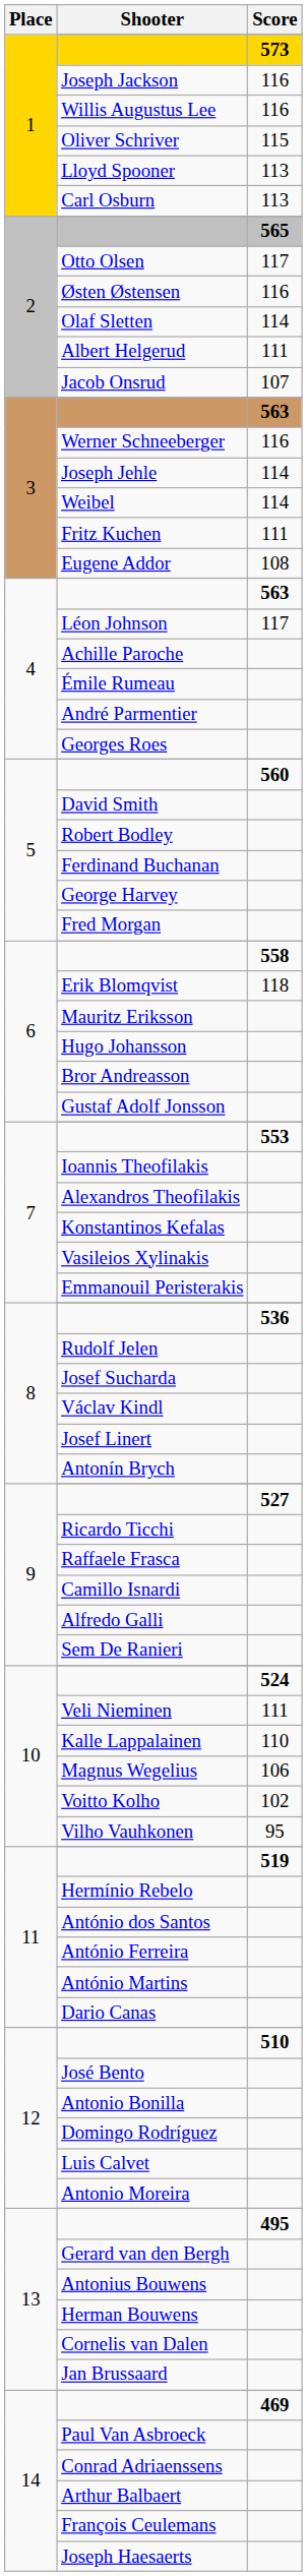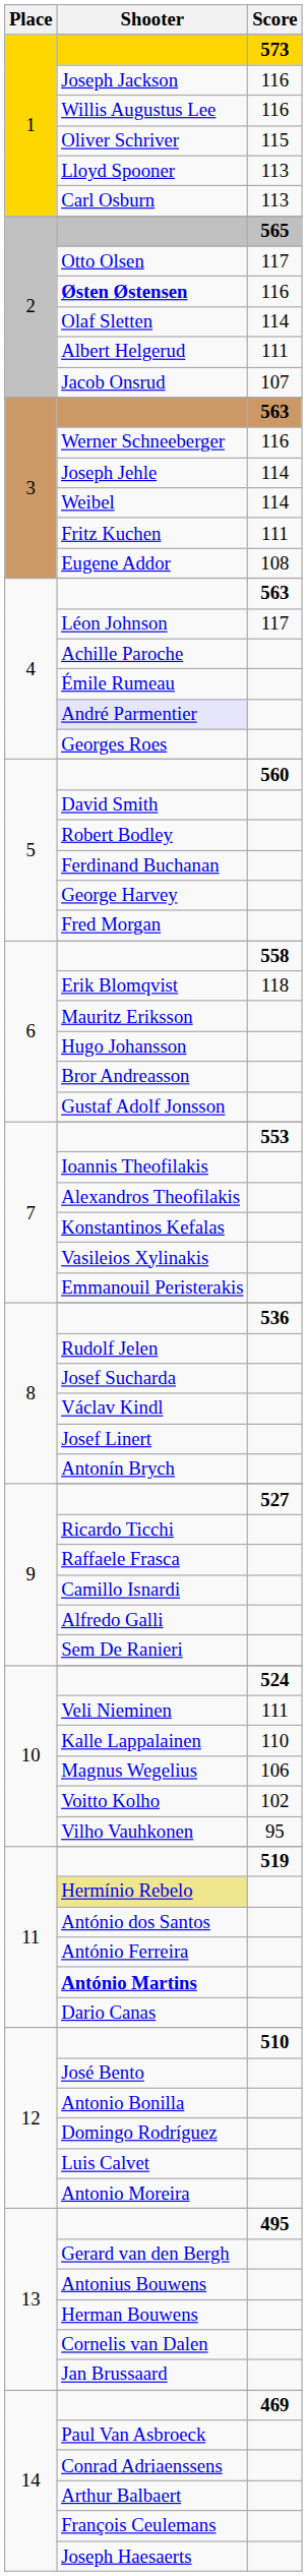 <table class=wikitable style="text-align:center">
 <tr>
 <th>Place</th>
 <th>Shooter</th>
 <th>Score</th>
 </tr>
 <tr>
 <td rowspan=7 align=center bgcolor=gold>1</td>
 </tr>
 <tr>
 <td align=left bgcolor=gold></td>
 <td bgcolor=gold><strong>573</strong></td>
 </tr>
 <tr>
 <td align=left><a href='#'>Joseph Jackson</a></td>
 <td>116</td>
 </tr>
 <tr>
 <td align=left><a href='#'>Willis Augustus Lee</a></td>
 <td>116</td>
 </tr>
 <tr>
 <td align=left><a href='#'>Oliver Schriver</a></td>
 <td>115</td>
 </tr>
 <tr>
 <td align=left><a href='#'>Lloyd Spooner</a></td>
 <td>113</td>
 </tr>
 <tr>
 <td align=left><a href='#'>Carl Osburn</a></td>
 <td>113</td>
 </tr>
 <tr>
 <td rowspan=7 align=center bgcolor=silver>2</td>
 </tr>
 <tr>
 <td align=left bgcolor=silver></td>
 <td bgcolor=silver><strong>565</strong></td>
 </tr>
 <tr>
 <td align=left><a href='#'>Otto Olsen</a></td>
 <td>117</td>
 </tr>
 <tr>
-<td align=left><a href='#'>Østen Østensen</a></td>
+<td align=left><strong><a href='#'>Østen Østensen</a></strong></td>
 <td>116</td>
 </tr>
 <tr>
 <td align=left><a href='#'>Olaf Sletten</a></td>
 <td>114</td>
 </tr>
 <tr>
 <td align=left><a href='#'>Albert Helgerud</a></td>
 <td>111</td>
 </tr>
 <tr>
 <td align=left><a href='#'>Jacob Onsrud</a></td>
 <td>107</td>
 </tr>
 <tr>
 <td rowspan=7 align=center bgcolor=cc9966>3</td>
 </tr>
 <tr>
 <td align=left bgcolor=cc9966></td>
 <td bgcolor=cc9966><strong>563</strong></td>
 </tr>
 <tr>
 <td align=left><a href='#'>Werner Schneeberger</a></td>
 <td>116</td>
 </tr>
 <tr>
 <td align=left><a href='#'>Joseph Jehle</a></td>
 <td>114</td>
 </tr>
 <tr>
 <td align=left><a href='#'>Weibel</a></td>
 <td>114</td>
 </tr>
 <tr>
 <td align=left><a href='#'>Fritz Kuchen</a></td>
 <td>111</td>
 </tr>
 <tr>
 <td align=left><a href='#'>Eugene Addor</a></td>
 <td>108</td>
 </tr>
 <tr>
 <td rowspan=7>4</td>
 </tr>
 <tr>
 <td align=left></td>
 <td><strong>563</strong></td>
 </tr>
 <tr>
 <td align=left><a href='#'>Léon Johnson</a></td>
 <td>117</td>
 </tr>
 <tr>
 <td align=left><a href='#'>Achille Paroche</a></td>
 <td></td>
 </tr>
 <tr>
 <td align=left><a href='#'>Émile Rumeau</a></td>
 <td></td>
 </tr>
 <tr>
-<td align=left><a href='#'>André Parmentier</a></td>
+<td align=left style="background: lavender;"><a href='#'>André Parmentier</a></td>
 <td></td>
 </tr>
 <tr>
 <td align=left><a href='#'>Georges Roes</a></td>
 <td></td>
 </tr>
 <tr>
 <td rowspan=7>5</td>
 </tr>
 <tr>
 <td align=left></td>
 <td><strong>560</strong></td>
 </tr>
 <tr>
 <td align=left><a href='#'>David Smith</a></td>
 <td></td>
 </tr>
 <tr>
 <td align=left><a href='#'>Robert Bodley</a></td>
 <td></td>
 </tr>
 <tr>
 <td align=left><a href='#'>Ferdinand Buchanan</a></td>
 <td></td>
 </tr>
 <tr>
 <td align=left><a href='#'>George Harvey</a></td>
 <td></td>
 </tr>
 <tr>
 <td align=left><a href='#'>Fred Morgan</a></td>
 <td></td>
 </tr>
 <tr>
 <td rowspan=7>6</td>
 </tr>
 <tr>
 <td align=left></td>
 <td><strong>558</strong></td>
 </tr>
 <tr>
 <td align=left><a href='#'>Erik Blomqvist</a></td>
 <td>118</td>
 </tr>
 <tr>
 <td align=left><a href='#'>Mauritz Eriksson</a></td>
 <td></td>
 </tr>
 <tr>
 <td align=left><a href='#'>Hugo Johansson</a></td>
 <td></td>
 </tr>
 <tr>
 <td align=left><a href='#'>Bror Andreasson</a></td>
 <td></td>
 </tr>
 <tr>
 <td align=left><a href='#'>Gustaf Adolf Jonsson</a></td>
 <td></td>
 </tr>
 <tr>
 <td rowspan=7>7</td>
 </tr>
 <tr>
 <td align=left></td>
 <td><strong>553</strong></td>
 </tr>
 <tr>
 <td align=left><a href='#'>Ioannis Theofilakis</a></td>
 <td></td>
 </tr>
 <tr>
 <td align=left><a href='#'>Alexandros Theofilakis</a></td>
 <td></td>
 </tr>
 <tr>
 <td align=left><a href='#'>Konstantinos Kefalas</a></td>
 <td></td>
 </tr>
 <tr>
 <td align=left><a href='#'>Vasileios Xylinakis</a></td>
 <td></td>
 </tr>
 <tr>
 <td align=left><a href='#'>Emmanouil Peristerakis</a></td>
 <td></td>
 </tr>
 <tr>
 <td rowspan=7>8</td>
 </tr>
 <tr>
 <td align=left></td>
 <td><strong>536</strong></td>
 </tr>
 <tr>
 <td align=left><a href='#'>Rudolf Jelen</a></td>
 <td></td>
 </tr>
 <tr>
 <td align=left><a href='#'>Josef Sucharda</a></td>
 <td></td>
 </tr>
 <tr>
 <td align=left><a href='#'>Václav Kindl</a></td>
 <td></td>
 </tr>
 <tr>
 <td align=left><a href='#'>Josef Linert</a></td>
 <td></td>
 </tr>
 <tr>
 <td align=left><a href='#'>Antonín Brych</a></td>
 <td></td>
 </tr>
 <tr>
 <td rowspan=7>9</td>
 </tr>
 <tr>
 <td align=left></td>
 <td><strong>527</strong></td>
 </tr>
 <tr>
 <td align=left><a href='#'>Ricardo Ticchi</a></td>
 <td></td>
 </tr>
 <tr>
 <td align=left><a href='#'>Raffaele Frasca</a></td>
 <td></td>
 </tr>
 <tr>
 <td align=left><a href='#'>Camillo Isnardi</a></td>
 <td></td>
 </tr>
 <tr>
 <td align=left><a href='#'>Alfredo Galli</a></td>
 <td></td>
 </tr>
 <tr>
 <td align=left><a href='#'>Sem De Ranieri</a></td>
 <td></td>
 </tr>
 <tr>
 <td rowspan=7>10</td>
 </tr>
 <tr>
 <td align=left></td>
 <td><strong>524</strong></td>
 </tr>
 <tr>
 <td align=left><a href='#'>Veli Nieminen</a></td>
 <td>111</td>
 </tr>
 <tr>
 <td align=left><a href='#'>Kalle Lappalainen</a></td>
 <td>110</td>
 </tr>
 <tr>
 <td align=left><a href='#'>Magnus Wegelius</a></td>
 <td>106</td>
 </tr>
 <tr>
 <td align=left><a href='#'>Voitto Kolho</a></td>
 <td>102</td>
 </tr>
 <tr>
 <td align=left><a href='#'>Vilho Vauhkonen</a></td>
 <td>95</td>
 </tr>
 <tr>
 <td rowspan=7>11</td>
 </tr>
 <tr>
 <td align=left></td>
 <td><strong>519</strong></td>
 </tr>
 <tr>
-<td align=left><a href='#'>Hermínio Rebelo</a></td>
+<td align=left style="background: khaki;"><a href='#'>Hermínio Rebelo</a></td>
 <td></td>
 </tr>
 <tr>
 <td align=left><a href='#'>António dos Santos</a></td>
 <td></td>
 </tr>
 <tr>
 <td align=left><a href='#'>António Ferreira</a></td>
 <td></td>
 </tr>
 <tr>
-<td align=left><a href='#'>António Martins</a></td>
+<td align=left><strong><a href='#'>António Martins</a></strong></td>
 <td></td>
 </tr>
 <tr>
 <td align=left><a href='#'>Dario Canas</a></td>
 <td></td>
 </tr>
 <tr>
 <td rowspan=7>12</td>
 </tr>
 <tr>
 <td align=left></td>
 <td><strong>510</strong></td>
 </tr>
 <tr>
 <td align=left><a href='#'>José Bento</a></td>
 <td></td>
 </tr>
 <tr>
 <td align=left><a href='#'>Antonio Bonilla</a></td>
 <td></td>
 </tr>
 <tr>
 <td align=left><a href='#'>Domingo Rodríguez</a></td>
 <td></td>
 </tr>
 <tr>
 <td align=left><a href='#'>Luis Calvet</a></td>
 <td></td>
 </tr>
 <tr>
 <td align=left><a href='#'>Antonio Moreira</a></td>
 <td></td>
 </tr>
 <tr>
 <td rowspan=7>13</td>
 </tr>
 <tr>
 <td align=left></td>
 <td><strong>495</strong></td>
 </tr>
 <tr>
 <td align=left><a href='#'>Gerard van den Bergh</a></td>
 <td></td>
 </tr>
 <tr>
 <td align=left><a href='#'>Antonius Bouwens</a></td>
 <td></td>
 </tr>
 <tr>
 <td align=left><a href='#'>Herman Bouwens</a></td>
 <td></td>
 </tr>
 <tr>
 <td align=left><a href='#'>Cornelis van Dalen</a></td>
 <td></td>
 </tr>
 <tr>
 <td align=left><a href='#'>Jan Brussaard</a></td>
 <td></td>
 </tr>
 <tr>
 <td rowspan=7>14</td>
 </tr>
 <tr>
 <td align=left></td>
 <td><strong>469</strong></td>
 </tr>
 <tr>
 <td align=left><a href='#'>Paul Van Asbroeck</a></td>
 <td></td>
 </tr>
 <tr>
 <td align=left><a href='#'>Conrad Adriaenssens</a></td>
 <td></td>
 </tr>
 <tr>
 <td align=left><a href='#'>Arthur Balbaert</a></td>
 <td></td>
 </tr>
 <tr>
 <td align=left><a href='#'>François Ceulemans</a></td>
 <td></td>
 </tr>
 <tr>
 <td align=left><a href='#'>Joseph Haesaerts</a></td>
 <td></td>
 </tr>
 </table>
